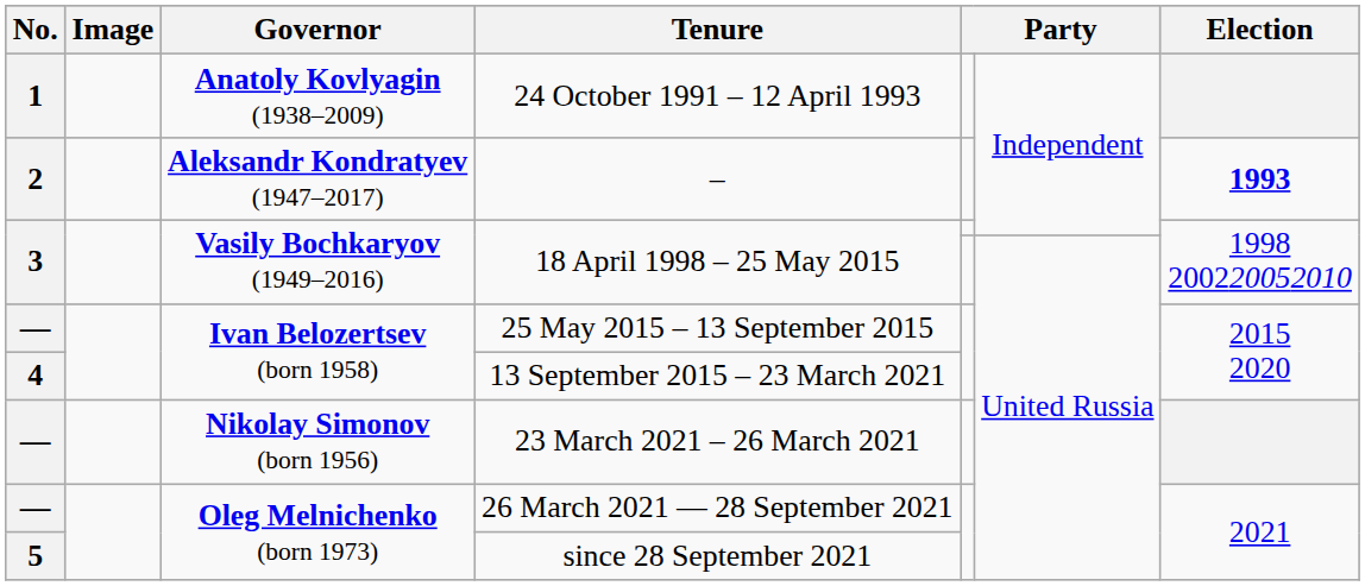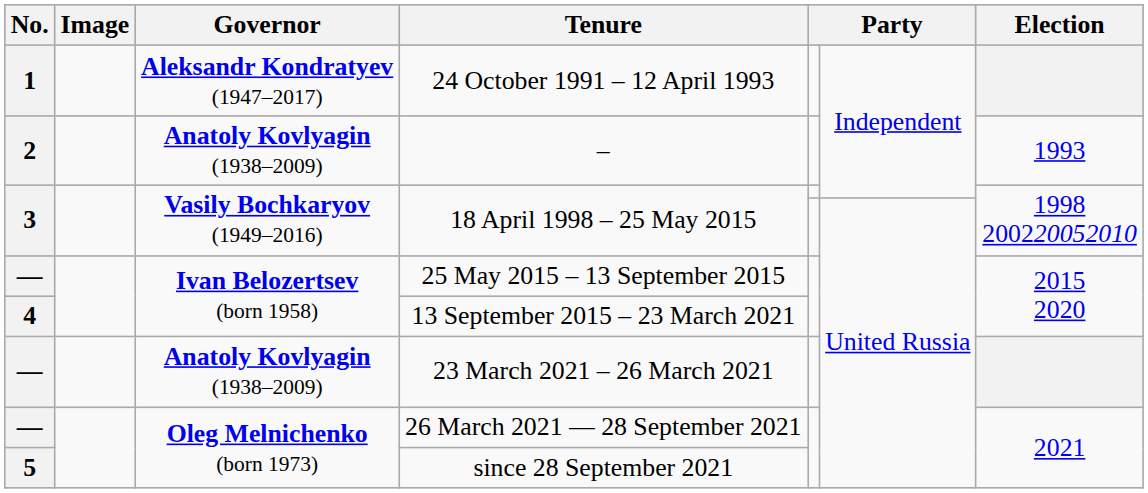 <table class="wikitable" style="text-align:center">
 <tr style="background:#cccccc">
 <th>No.</th>
 <th>Image</th>
 <th>Governor</th>
 <th>Tenure</th>
 <th colspan=2>Party</th>
 <th>Election</th>
 </tr>
 <tr>
 <th>1</th>
 <td></td>
-<td><strong><a href='#'>Anatoly Kovlyagin</a></strong><br><small>(1938–2009)</small></td>
+<td><strong><a href='#'>Aleksandr Kondratyev</a></strong><br><small>(1947–2017)</small></td>
 <td>24 October 1991 – 12 April 1993</td>
 <td style="background: "></td>
 <td rowspan=3><a href='#'>Independent</a></td>
 <th></th>
 </tr>
 <tr>
 <th>2</th>
 <td></td>
-<td><strong><a href='#'>Aleksandr Kondratyev</a></strong><br><small>(1947–2017)</small></td>
+<td><strong><a href='#'>Anatoly Kovlyagin</a></strong><br><small>(1938–2009)</small></td>
 <td> – </td>
 <td style="background: "></td>
-<td><strong><a href='#'>1993</a></strong></td>
+<td><a href='#'>1993</a></td>
 </tr>
 <tr>
 <th rowspan=2>3</th>
 <td rowspan=2></td>
 <td rowspan=2><strong><a href='#'>Vasily Bochkaryov</a></strong><br><small>(1949–2016)</small></td>
 <td rowspan=2>18 April 1998 – 25 May 2015</td>
 <td style="background: "></td>
 <td rowspan=2><a href='#'>1998</a><br><a href='#'>2002</a><em><a href='#'>2005</a></em><em><a href='#'>2010</a></em></td>
 </tr>
 <tr>
 <td style="background: "></td>
 <td rowspan=6><a href='#'>United Russia</a></td>
 </tr>
 <tr>
 <th>—</th>
 <td rowspan=2></td>
 <td rowspan=2><strong><a href='#'>Ivan Belozertsev</a></strong><br><small>(born 1958)</small></td>
 <td>25 May 2015 – 13 September 2015</td>
 <td rowspan=2; style="background: "></td>
 <td rowspan=2><a href='#'>2015</a><br><a href='#'>2020</a></td>
 </tr>
 <tr>
 <th>4</th>
 <td>13 September 2015 – 23 March 2021</td>
 </tr>
 <tr>
 <th>—</th>
 <td></td>
-<td><a href='#'><strong>Nikolay Simonov</strong></a><br><small>(born 1956)</small></td>
+<td><strong><a href='#'>Anatoly Kovlyagin</a></strong><br><small>(1938–2009)</small></td>
 <td>23 March 2021 – 26 March 2021</td>
 <td style="background: "></td>
 <th></th>
 </tr>
 <tr>
 <th>—</th>
 <td rowspan=2></td>
 <td rowspan=2><strong><a href='#'>Oleg Melnichenko</a></strong><br><small>(born 1973)</small></td>
 <td>26 March 2021 — 28 September 2021</td>
 <td rowspan=2; style="background: "></td>
 <td rowspan=2><a href='#'>2021</a></td>
 </tr>
 <tr>
 <th>5</th>
 <td>since 28 September 2021</td>
 </tr>
 </table>
